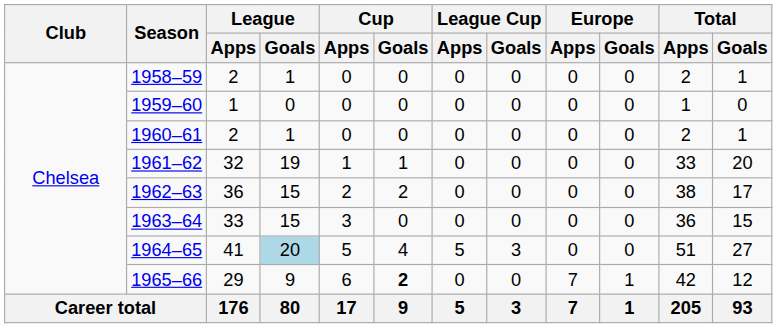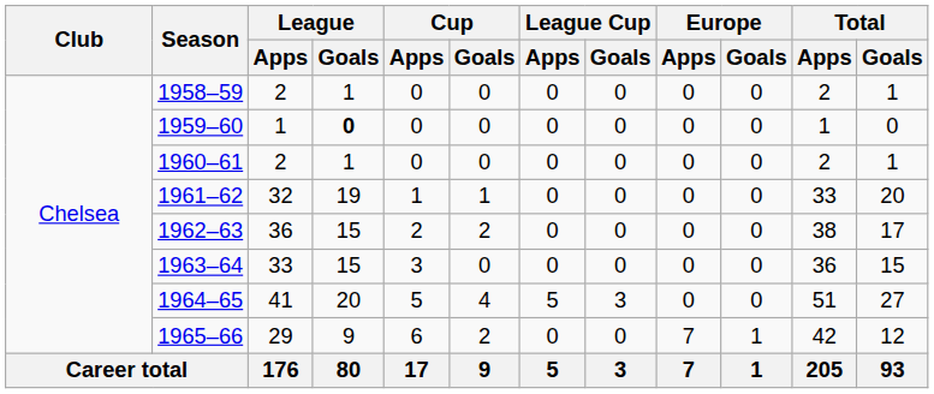 <table class="wikitable" style="text-align:center">
 <tr>
 <th rowspan="2" width="100">Club</th>
 <th rowspan="2">Season</th>
 <th colspan="2">League</th>
 <th colspan="2">Cup</th>
 <th colspan="2">League Cup</th>
 <th colspan="2">Europe</th>
 <th colspan="2">Total</th>
 </tr>
 <tr>
 <th width="40">Apps</th>
 <th width="40">Goals</th>
 <th width="40">Apps</th>
 <th width="40">Goals</th>
 <th width="40">Apps</th>
 <th width="40">Goals</th>
 <th width="40">Apps</th>
 <th width="40">Goals</th>
 <th width="40">Apps</th>
 <th width="40">Goals</th>
 </tr>
 <tr>
 <td rowspan="8"><a href='#'>Chelsea</a></td>
 <td><a href='#'>1958–59</a></td>
 <td>2</td>
 <td>1</td>
 <td>0</td>
 <td>0</td>
 <td>0</td>
 <td>0</td>
 <td>0</td>
 <td>0</td>
 <td>2</td>
 <td>1</td>
 </tr>
 <tr>
 <td><a href='#'>1959–60</a></td>
 <td>1</td>
-<td>0</td>
+<td><strong>0</strong></td>
 <td>0</td>
 <td>0</td>
 <td>0</td>
 <td>0</td>
 <td>0</td>
 <td>0</td>
 <td>1</td>
 <td>0</td>
 </tr>
 <tr>
 <td><a href='#'>1960–61</a></td>
 <td>2</td>
 <td>1</td>
 <td>0</td>
 <td>0</td>
 <td>0</td>
 <td>0</td>
 <td>0</td>
 <td>0</td>
 <td>2</td>
 <td>1</td>
 </tr>
 <tr>
 <td><a href='#'>1961–62</a></td>
 <td>32</td>
 <td>19</td>
 <td>1</td>
 <td>1</td>
 <td>0</td>
 <td>0</td>
 <td>0</td>
 <td>0</td>
 <td>33</td>
 <td>20</td>
 </tr>
 <tr>
 <td><a href='#'>1962–63</a></td>
 <td>36</td>
 <td>15</td>
 <td>2</td>
 <td>2</td>
 <td>0</td>
 <td>0</td>
 <td>0</td>
 <td>0</td>
 <td>38</td>
 <td>17</td>
 </tr>
 <tr>
 <td><a href='#'>1963–64</a></td>
 <td>33</td>
 <td>15</td>
 <td>3</td>
 <td>0</td>
 <td>0</td>
 <td>0</td>
 <td>0</td>
 <td>0</td>
 <td>36</td>
 <td>15</td>
 </tr>
 <tr>
 <td><a href='#'>1964–65</a></td>
 <td>41</td>
-<td style="background: lightblue;">20</td>
+<td>20</td>
 <td>5</td>
 <td>4</td>
 <td>5</td>
 <td>3</td>
 <td>0</td>
 <td>0</td>
 <td>51</td>
 <td>27</td>
 </tr>
 <tr>
 <td><a href='#'>1965–66</a></td>
 <td>29</td>
 <td>9</td>
 <td>6</td>
-<td><strong>2</strong></td>
+<td>2</td>
 <td>0</td>
 <td>0</td>
 <td>7</td>
 <td>1</td>
 <td>42</td>
 <td>12</td>
 </tr>
 <tr>
 <th colspan="2">Career total</th>
 <th>176</th>
 <th>80</th>
 <th>17</th>
 <th>9</th>
 <th>5</th>
 <th>3</th>
 <th>7</th>
 <th>1</th>
 <th>205</th>
 <th>93</th>
 </tr>
 </table>
